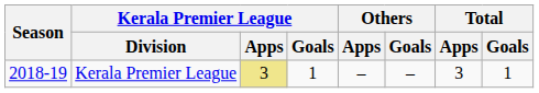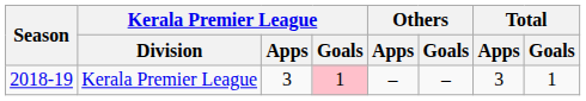 <table class="wikitable" style="text-align: center;">
 <tr>
 <th rowspan="2">Season</th>
 <th colspan="3"><a href='#'>Kerala Premier League</a></th>
 <th colspan="2">Others</th>
 <th colspan="2">Total</th>
 </tr>
 <tr>
 <th>Division</th>
 <th>Apps</th>
 <th>Goals</th>
 <th>Apps</th>
 <th>Goals</th>
 <th>Apps</th>
 <th>Goals</th>
 </tr>
 <tr>
 <td><a href='#'>2018-19</a></td>
 <td><a href='#'>Kerala Premier League</a></td>
-<td style="background: khaki;">3</td>
-<td>1</td>
+<td>3</td>
+<td style="background: pink;">1</td>
 <td>–</td>
 <td>–</td>
 <td>3</td>
 <td>1</td>
 </tr>
 </table>
